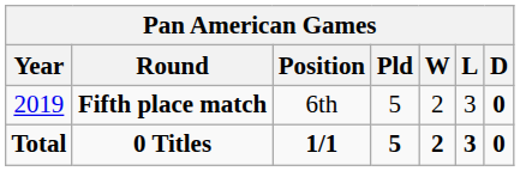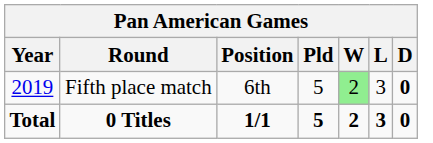 <table class="wikitable" style="text-align: center;">
 <tr>
 <th colspan=7>Pan American Games</th>
 </tr>
 <tr>
 <th>Year</th>
 <th>Round</th>
 <th>Position</th>
 <th {{Tooltip>Pld</th>
 <th {{Tooltip>W</th>
 <th {{Tooltip>L</th>
 <th {{Tooltip>D</th>
 </tr>
 <tr>
 <td> <a href='#'>2019</a></td>
-<td><strong>Fifth place match</strong></td>
+<td>Fifth place match</td>
 <td>6th</td>
 <td>5</td>
-<td>2</td>
+<td style="background: lightgreen;">2</td>
 <td>3</td>
 <td><strong>0</strong></td>
 </tr>
 <tr>
 <td><strong>Total</strong></td>
 <td><strong>0 Titles</strong></td>
 <td><strong>1/1</strong></td>
 <td><strong>5</strong></td>
 <td><strong>2</strong></td>
 <td><strong>3</strong></td>
 <td><strong>0</strong></td>
 </tr>
 </table>
